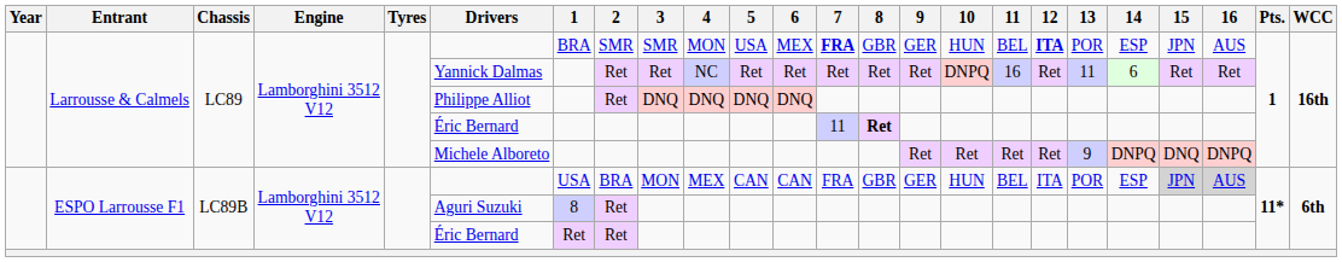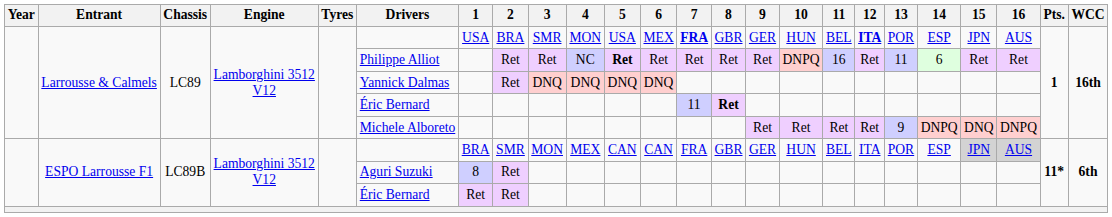 <table class="wikitable" style="text-align:center; font-size:85%">
 <tr>
 <th>Year</th>
 <th>Entrant</th>
 <th>Chassis</th>
 <th>Engine</th>
 <th>Tyres</th>
 <th>Drivers</th>
 <th>1</th>
 <th>2</th>
 <th>3</th>
 <th>4</th>
 <th>5</th>
 <th>6</th>
 <th>7</th>
 <th>8</th>
 <th>9</th>
 <th>10</th>
 <th>11</th>
 <th>12</th>
 <th>13</th>
 <th>14</th>
 <th>15</th>
 <th>16</th>
 <th>Pts.</th>
 <th>WCC</th>
 </tr>
 <tr>
 <td rowspan="5"></td>
 <td rowspan="5"><a href='#'>Larrousse & Calmels</a></td>
 <td rowspan="5">LC89</td>
 <td rowspan="5"><a href='#'>Lamborghini 3512</a><br><a href='#'>V12</a></td>
 <td rowspan="5"></td>
 <td></td>
+<td><a href='#'>USA</a></td>
 <td><a href='#'>BRA</a></td>
-<td><a href='#'>SMR</a></td>
 <td><a href='#'>SMR</a></td>
 <td><a href='#'>MON</a></td>
 <td><a href='#'>USA</a></td>
 <td><a href='#'>MEX</a></td>
 <td><strong><a href='#'>FRA</a></strong></td>
 <td><a href='#'>GBR</a></td>
 <td><a href='#'>GER</a></td>
 <td><a href='#'>HUN</a></td>
 <td><a href='#'>BEL</a></td>
 <td><strong><a href='#'>ITA</a></strong></td>
 <td><a href='#'>POR</a></td>
 <td><a href='#'>ESP</a></td>
 <td><a href='#'>JPN</a></td>
 <td><a href='#'>AUS</a></td>
 <td rowspan="5"><strong>1</strong></td>
 <td rowspan="5"><strong>16th</strong></td>
 </tr>
 <tr>
-<td align="left"><a href='#'>Yannick Dalmas</a></td>
+<td align="left"><a href='#'>Philippe Alliot</a></td>
 <td></td>
 <td style="background:#efcfff;">Ret</td>
 <td style="background:#efcfff;">Ret</td>
 <td style="background:#cfcfff;">NC</td>
-<td style="background:#efcfff;">Ret</td>
+<td style="background:#efcfff;"><strong>Ret</strong></td>
 <td style="background:#efcfff;">Ret</td>
 <td style="background:#efcfff;">Ret</td>
 <td style="background:#efcfff;">Ret</td>
 <td style="background:#efcfff;">Ret</td>
 <td style="background:#ffcfcf;">DNPQ</td>
 <td style="background:#cfcfff;">16</td>
 <td style="background:#efcfff;">Ret</td>
 <td style="background:#cfcfff;">11</td>
 <td style="background:#dfffdf;">6</td>
 <td style="background:#efcfff;">Ret</td>
 <td style="background:#efcfff;">Ret</td>
 </tr>
 <tr>
-<td align="left"><a href='#'>Philippe Alliot</a></td>
+<td align="left"><a href='#'>Yannick Dalmas</a></td>
 <td></td>
 <td style="background:#efcfff;">Ret</td>
 <td style="background:#ffcfcf;">DNQ</td>
 <td style="background:#ffcfcf;">DNQ</td>
 <td style="background:#ffcfcf;">DNQ</td>
 <td style="background:#ffcfcf;">DNQ</td>
 <td></td>
 <td></td>
 <td></td>
 <td></td>
 <td></td>
 <td></td>
 <td></td>
 <td></td>
 <td></td>
 <td></td>
 </tr>
 <tr>
 <td align="left"><a href='#'>Éric Bernard</a></td>
 <td></td>
 <td></td>
 <td></td>
 <td></td>
 <td></td>
 <td></td>
 <td style="background:#cfcfff;">11</td>
 <td style="background:#efcfff;"><strong>Ret</strong></td>
 <td></td>
 <td></td>
 <td></td>
 <td></td>
 <td></td>
 <td></td>
 <td></td>
 <td></td>
 </tr>
 <tr>
 <td align="left"><a href='#'>Michele Alboreto</a></td>
 <td></td>
 <td></td>
 <td></td>
 <td></td>
 <td></td>
 <td></td>
 <td></td>
 <td></td>
 <td style="background:#efcfff;">Ret</td>
 <td style="background:#efcfff;">Ret</td>
 <td style="background:#efcfff;">Ret</td>
 <td style="background:#efcfff;">Ret</td>
 <td style="background:#cfcfff;">9</td>
 <td style="background:#ffcfcf;">DNPQ</td>
 <td style="background:#ffcfcf;">DNQ</td>
 <td style="background:#ffcfcf;">DNPQ</td>
 </tr>
 <tr>
 <td rowspan="3"></td>
 <td rowspan="3"><a href='#'>ESPO Larrousse F1</a></td>
 <td rowspan="3">LC89B</td>
 <td rowspan="3"><a href='#'>Lamborghini 3512</a><br><a href='#'>V12</a></td>
 <td rowspan="3"></td>
 <td></td>
-<td><a href='#'>USA</a></td>
 <td><a href='#'>BRA</a></td>
+<td><a href='#'>SMR</a></td>
 <td><a href='#'>MON</a></td>
 <td><a href='#'>MEX</a></td>
 <td><a href='#'>CAN</a></td>
 <td><a href='#'>CAN</a></td>
 <td><a href='#'>FRA</a></td>
 <td><a href='#'>GBR</a></td>
 <td><a href='#'>GER</a></td>
 <td><a href='#'>HUN</a></td>
 <td><a href='#'>BEL</a></td>
 <td><a href='#'>ITA</a></td>
 <td><a href='#'>POR</a></td>
 <td><a href='#'>ESP</a></td>
 <td style="background: lightgrey;"><a href='#'>JPN</a></td>
 <td style="background: lightgrey;"><a href='#'>AUS</a></td>
 <td rowspan="3"><strong>11*</strong></td>
 <td rowspan="3"><strong>6th</strong></td>
 </tr>
 <tr>
 <td align="left"><a href='#'>Aguri Suzuki</a></td>
 <td style="background:#cfcfff;">8</td>
 <td style="background:#efcfff;">Ret</td>
 <td></td>
 <td></td>
 <td></td>
 <td></td>
 <td></td>
 <td></td>
 <td></td>
 <td></td>
 <td></td>
 <td></td>
 <td></td>
 <td></td>
 <td></td>
 <td></td>
 </tr>
 <tr>
 <td align="left"><a href='#'>Éric Bernard</a></td>
 <td style="background:#efcfff;">Ret</td>
 <td style="background:#efcfff;">Ret</td>
 <td></td>
 <td></td>
 <td></td>
 <td></td>
 <td></td>
 <td></td>
 <td></td>
 <td></td>
 <td></td>
 <td></td>
 <td></td>
 <td></td>
 <td></td>
 <td></td>
 </tr>
 <tr>
 <th colspan="24"></th>
 </tr>
 </table>
